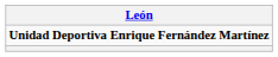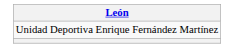 <table class="wikitable" style="margin: 1em auto;">
 <tr>
 <th><a href='#'>León</a></th>
 </tr>
 <tr>
-<td><strong>Unidad Deportiva Enrique Fernández Martínez</strong></td>
+<td>Unidad Deportiva Enrique Fernández Martínez</td>
 </tr>
 <tr>
 <th rowspan="4"></th>
 </tr>
 </table>
